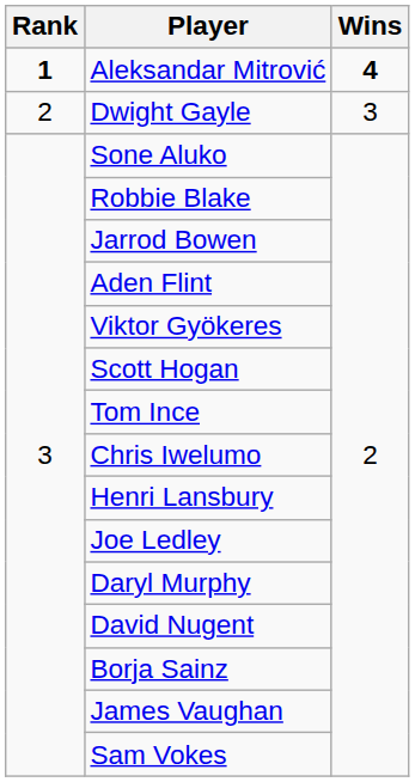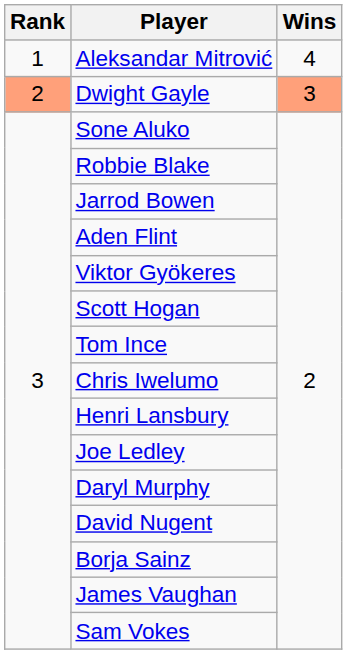 <table class="wikitable">
 <tr>
 <th>Rank</th>
 <th>Player</th>
 <th>Wins</th>
 </tr>
 <tr>
-<td rowspan="1" style="text-align:center"><strong>1</strong></td>
+<td rowspan="1" style="text-align:center">1</td>
 <td> <a href='#'>Aleksandar Mitrović</a></td>
-<td rowspan="1" style="text-align:center"><strong>4</strong></td>
+<td rowspan="1" style="text-align:center">4</td>
 </tr>
 <tr>
-<td rowspan="1" style="text-align:center">2</td>
+<td rowspan="1" style="background: lightsalmon; text-align:center">2</td>
 <td> <a href='#'>Dwight Gayle</a></td>
-<td rowspan="1" style="text-align:center">3</td>
+<td rowspan="1" style="background: lightsalmon; text-align:center">3</td>
 </tr>
 <tr>
 <td rowspan="15" style="text-align:center">3</td>
 <td> <a href='#'>Sone Aluko</a></td>
 <td rowspan="15" style="text-align:center">2</td>
 </tr>
 <tr>
 <td> <a href='#'>Robbie Blake</a></td>
 </tr>
 <tr>
 <td> <a href='#'>Jarrod Bowen</a></td>
 </tr>
 <tr>
 <td> <a href='#'>Aden Flint</a></td>
 </tr>
 <tr>
 <td> <a href='#'>Viktor Gyökeres</a></td>
 </tr>
 <tr>
 <td> <a href='#'>Scott Hogan</a></td>
 </tr>
 <tr>
 <td> <a href='#'>Tom Ince</a></td>
 </tr>
 <tr>
 <td> <a href='#'>Chris Iwelumo</a></td>
 </tr>
 <tr>
 <td> <a href='#'>Henri Lansbury</a></td>
 </tr>
 <tr>
 <td> <a href='#'>Joe Ledley</a></td>
 </tr>
 <tr>
 <td> <a href='#'>Daryl Murphy</a></td>
 </tr>
 <tr>
 <td> <a href='#'>David Nugent</a></td>
 </tr>
 <tr>
 <td> <a href='#'>Borja Sainz</a></td>
 </tr>
 <tr>
 <td> <a href='#'>James Vaughan</a></td>
 </tr>
 <tr>
 <td> <a href='#'>Sam Vokes</a></td>
 </tr>
 </table>
